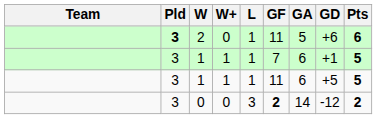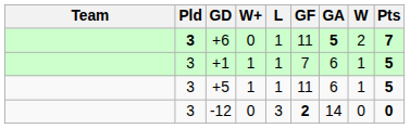 <table class="wikitable" style="text-align: center;">
 <tr>
 <th width="175">Team</th>
 <th width="20">Pld</th>
-<th width="20">W</th>
+<th width="25">GD</th>
 <th width="20">W+</th>
 <th width="20">L</th>
 <th width="20">GF</th>
 <th width="20">GA</th>
-<th width="25">GD</th>
+<th width="20">W</th>
 <th width="20">Pts</th>
 </tr>
 <tr align=center style="background:#ccffcc;">
 <td style="text-align:left;"></td>
 <td><strong>3</strong></td>
-<td>2</td>
+<td>+6</td>
 <td>0</td>
 <td>1</td>
 <td>11</td>
-<td>5</td>
-<td>+6</td>
-<td><strong>6</strong></td>
+<td><strong>5</strong></td>
+<td>2</td>
+<td><strong>7</strong></td>
 </tr>
 <tr align=center style="background:#ccffcc;">
 <td style="text-align:left;"></td>
 <td>3</td>
-<td>1</td>
+<td>+1</td>
 <td>1</td>
 <td>1</td>
 <td>7</td>
 <td>6</td>
-<td>+1</td>
+<td>1</td>
 <td><strong>5</strong></td>
 </tr>
 <tr>
 <td style="text-align:left;"></td>
 <td>3</td>
-<td>1</td>
+<td>+5</td>
 <td>1</td>
 <td>1</td>
 <td>11</td>
 <td>6</td>
-<td>+5</td>
+<td>1</td>
 <td><strong>5</strong></td>
 </tr>
 <tr>
 <td style="text-align:left;"></td>
 <td>3</td>
-<td>0</td>
+<td>-12</td>
 <td>0</td>
 <td>3</td>
 <td><strong>2</strong></td>
 <td>14</td>
-<td>-12</td>
-<td><strong>2</strong></td>
+<td>0</td>
+<td><strong>0</strong></td>
 </tr>
 </table>
